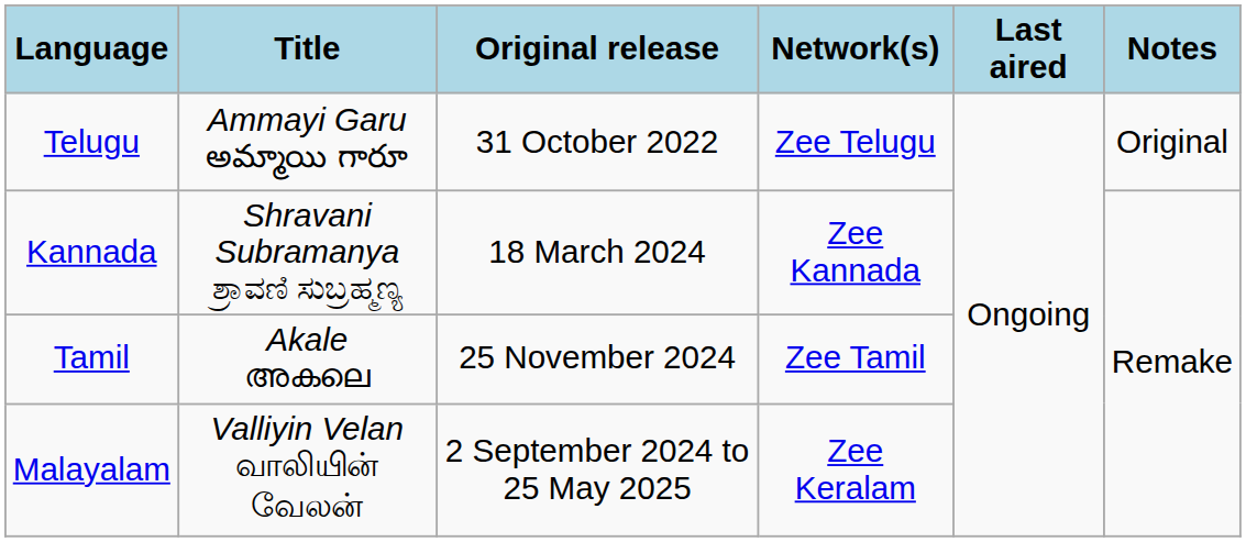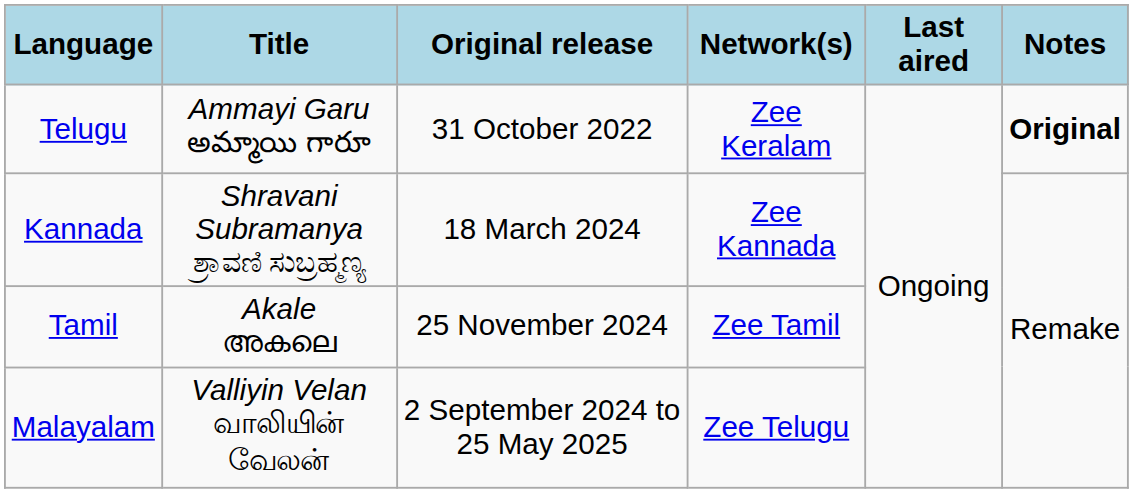 <table class="wikitable" style="text-align:center;">
 <tr>
 <th style="background:LightBlue;">Language</th>
 <th style="background:LightBlue;">Title</th>
 <th style="background:LightBlue;">Original release</th>
 <th style="background:LightBlue;">Network(s)</th>
 <th style="background:LightBlue;">Last aired</th>
 <th style="background:LightBlue;">Notes</th>
 </tr>
 <tr>
 <td><a href='#'>Telugu</a></td>
 <td><em>Ammayi Garu</em> <br> అమ్మాయి గారూ</td>
 <td>31 October 2022</td>
-<td><a href='#'>Zee Telugu</a></td>
+<td><a href='#'>Zee Keralam</a></td>
 <td rowspan="4">Ongoing</td>
-<td>Original</td>
+<td><strong>Original</strong></td>
 </tr>
 <tr>
 <td><a href='#'>Kannada</a></td>
 <td><em>Shravani Subramanya</em> <br> ಶ್ರಾವಣಿ ಸುಬ್ರಹ್ಮಣ್ಯ</td>
 <td>18 March 2024</td>
 <td><a href='#'>Zee Kannada</a></td>
 <td rowspan="3">Remake</td>
 </tr>
 <tr>
 <td><a href='#'>Tamil</a></td>
 <td><em>Akale</em> <br> അകലെ</td>
 <td>25 November 2024</td>
 <td><a href='#'>Zee Tamil</a></td>
 </tr>
 <tr>
 <td><a href='#'>Malayalam</a></td>
 <td><em>Valliyin Velan</em> <br> வாலியின் வேலன்</td>
 <td>2 September 2024 to 25 May 2025</td>
-<td><a href='#'>Zee Keralam</a></td>
+<td><a href='#'>Zee Telugu</a></td>
 </tr>
 </table>
